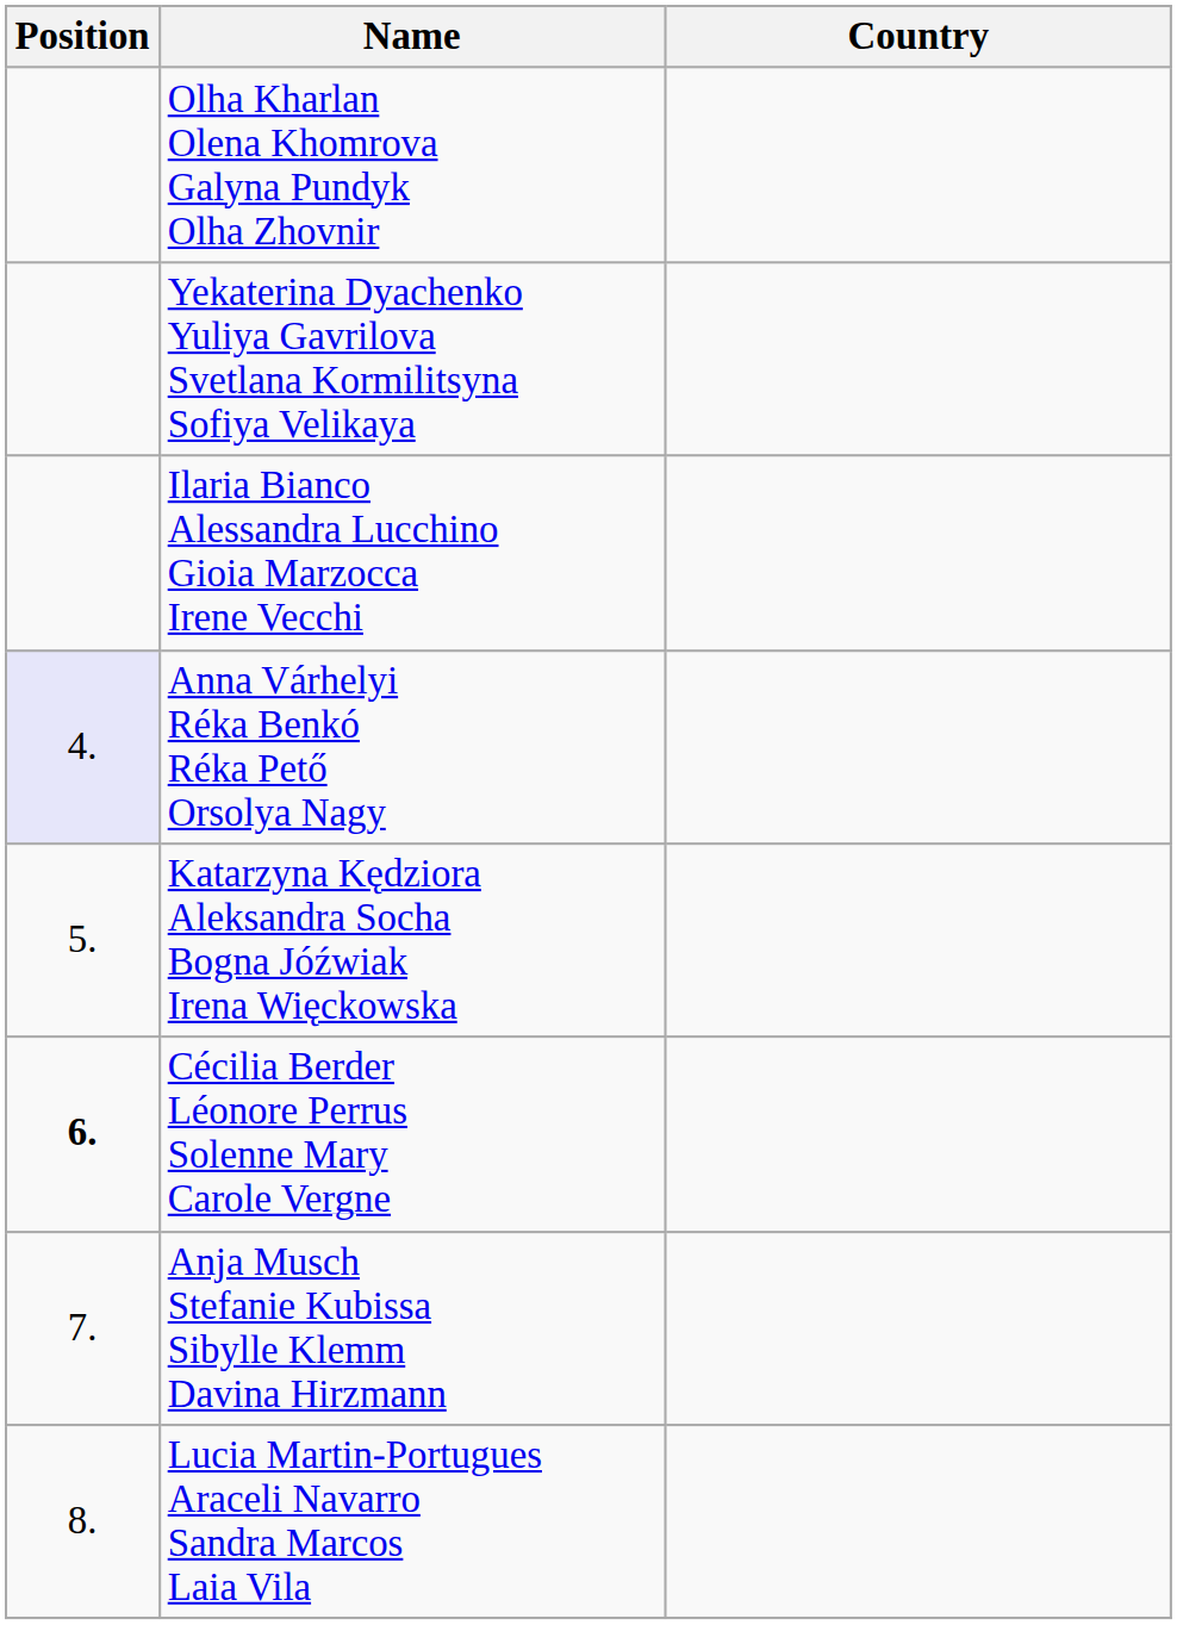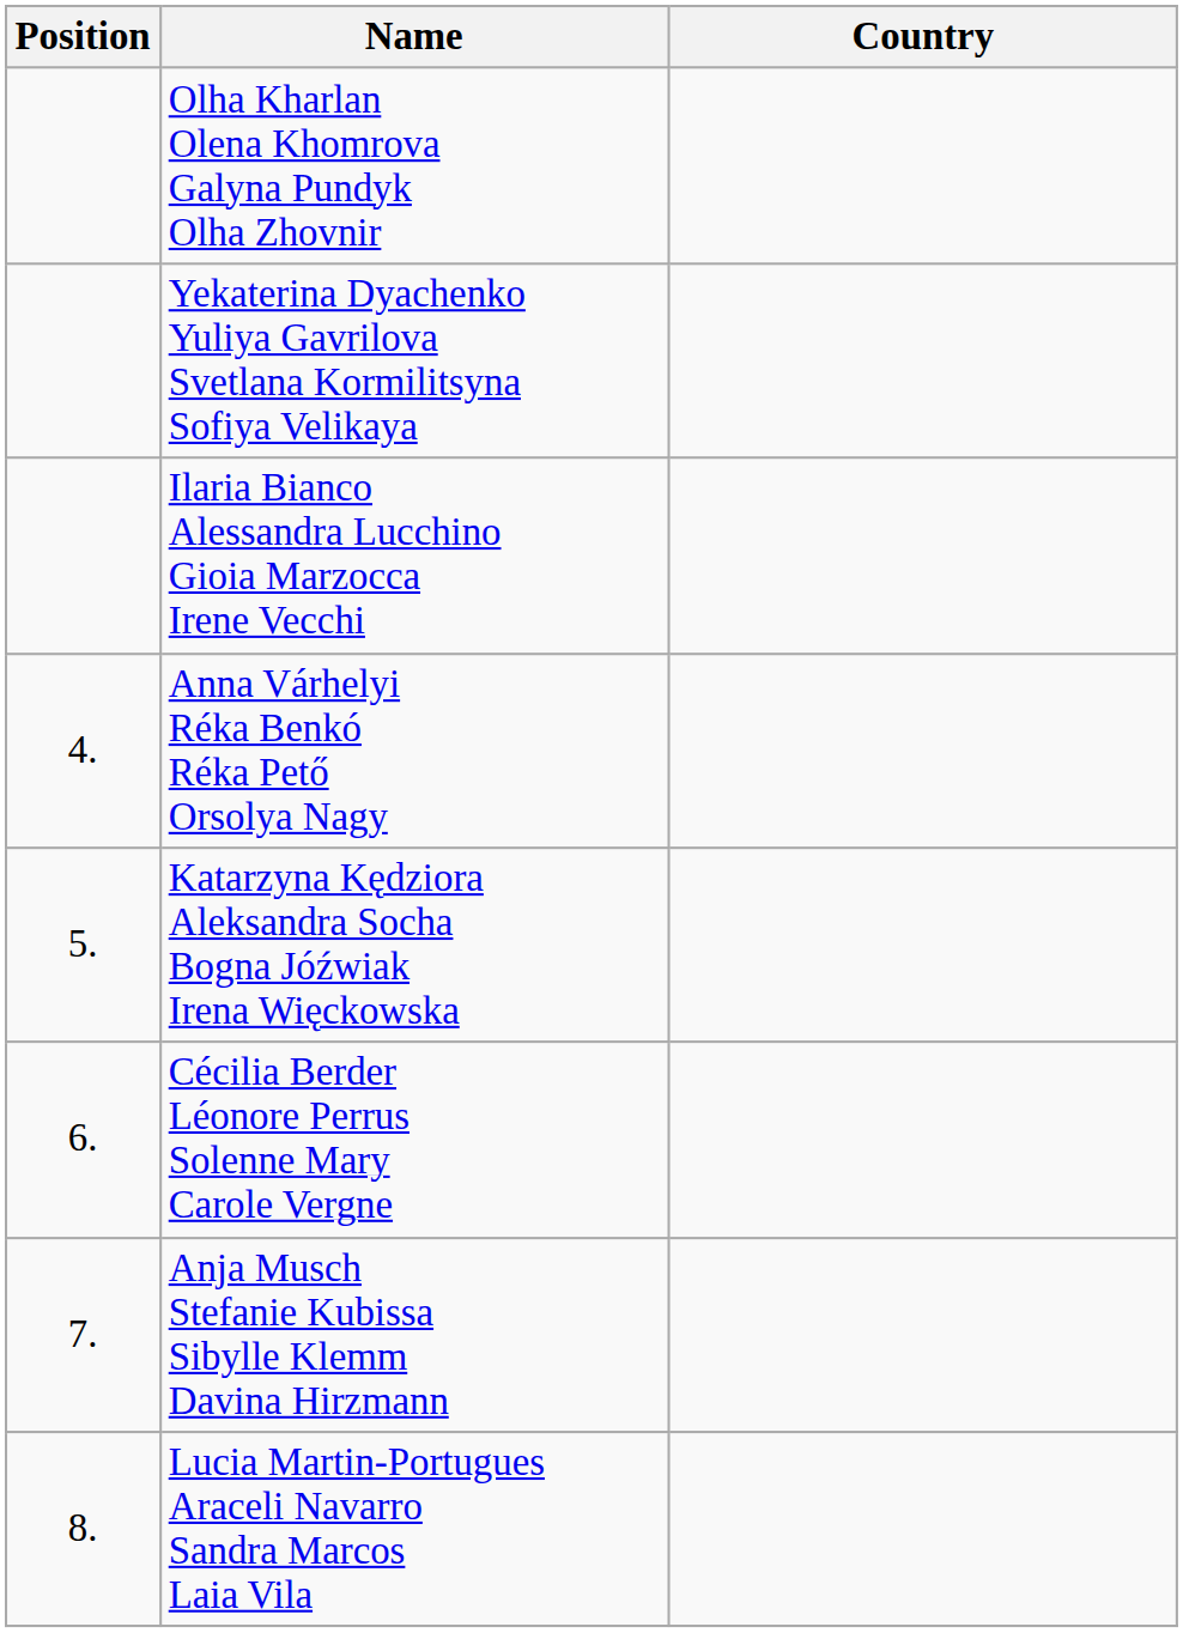 <table class="wikitable">
 <tr>
 <th width="20">Position</th>
 <th width="200">Name</th>
 <th width="200">Country</th>
 </tr>
 <tr>
 <td align="center"></td>
 <td><a href='#'>Olha Kharlan</a><br><a href='#'>Olena Khomrova</a><br><a href='#'>Galyna Pundyk</a><br><a href='#'>Olha Zhovnir</a></td>
 <td></td>
 </tr>
 <tr>
 <td align="center"></td>
 <td><a href='#'>Yekaterina Dyachenko</a><br><a href='#'>Yuliya Gavrilova</a><br><a href='#'>Svetlana Kormilitsyna</a><br><a href='#'>Sofiya Velikaya</a></td>
 <td></td>
 </tr>
 <tr>
 <td align="center"></td>
 <td><a href='#'>Ilaria Bianco</a><br><a href='#'>Alessandra Lucchino</a><br><a href='#'>Gioia Marzocca</a><br><a href='#'>Irene Vecchi</a></td>
 <td></td>
 </tr>
 <tr>
-<td align="center" style="background: lavender;">4.</td>
+<td align="center">4.</td>
 <td><a href='#'>Anna Várhelyi</a><br><a href='#'>Réka Benkó</a><br><a href='#'>Réka Pető</a><br><a href='#'>Orsolya Nagy</a></td>
 <td></td>
 </tr>
 <tr>
 <td align="center">5.</td>
 <td><a href='#'>Katarzyna Kędziora</a><br><a href='#'>Aleksandra Socha</a><br><a href='#'>Bogna Jóźwiak</a><br><a href='#'>Irena Więckowska</a></td>
 <td></td>
 </tr>
 <tr>
-<td align="center"><strong>6.</strong></td>
+<td align="center">6.</td>
 <td><a href='#'>Cécilia Berder</a><br><a href='#'>Léonore Perrus</a><br><a href='#'>Solenne Mary</a><br><a href='#'>Carole Vergne</a></td>
 <td></td>
 </tr>
 <tr>
 <td align="center">7.</td>
 <td><a href='#'>Anja Musch</a><br><a href='#'>Stefanie Kubissa</a><br><a href='#'>Sibylle Klemm</a><br><a href='#'>Davina Hirzmann</a></td>
 <td></td>
 </tr>
 <tr>
 <td align="center">8.</td>
 <td><a href='#'>Lucia Martin-Portugues</a><br><a href='#'>Araceli Navarro</a><br><a href='#'>Sandra Marcos</a><br><a href='#'>Laia Vila</a></td>
 <td></td>
 </tr>
 <tr>
 </tr>
 </table>
